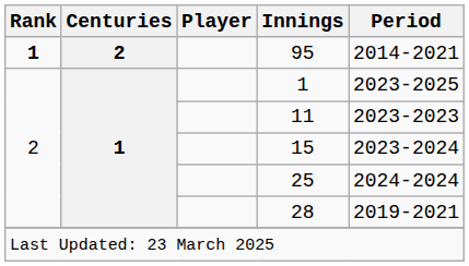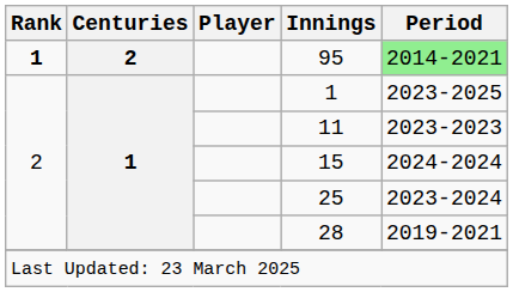 <table class="wikitable">
 <tr>
 <th style="text-align:center;">Rank</th>
 <th style="text-align:center;">Centuries</th>
 <th style="text-align:center; ">Player</th>
 <th style="text-align:center;">Innings</th>
 <th style="text-align:center;">Period</th>
 </tr>
 <tr>
 <td align=center><strong>1</strong></td>
 <th scope=row style=text-align:center;>2</th>
 <td></td>
 <td align=center>95</td>
-<td>2014-2021</td>
+<td style="background: lightgreen;">2014-2021</td>
 </tr>
 <tr>
 <td align=center rowspan=5>2</td>
 <th scope=row style=text-align:center; rowspan=5>1</th>
 <td></td>
 <td align=center>1</td>
 <td>2023-2025</td>
 </tr>
 <tr>
 <td></td>
 <td align=center>11</td>
 <td>2023-2023</td>
 </tr>
 <tr>
 <td></td>
 <td align=center>15</td>
-<td>2023-2024</td>
+<td>2024-2024</td>
 </tr>
 <tr>
 <td></td>
 <td align=center>25</td>
-<td>2024-2024</td>
+<td>2023-2024</td>
 </tr>
 <tr>
 <td></td>
 <td align=center>28</td>
 <td>2019-2021</td>
 </tr>
 <tr>
 </tr>
 <tr class=sortbottom>
 <td colspan="7"><small>Last Updated: 23 March 2025</small></td>
 </tr>
 </table>
